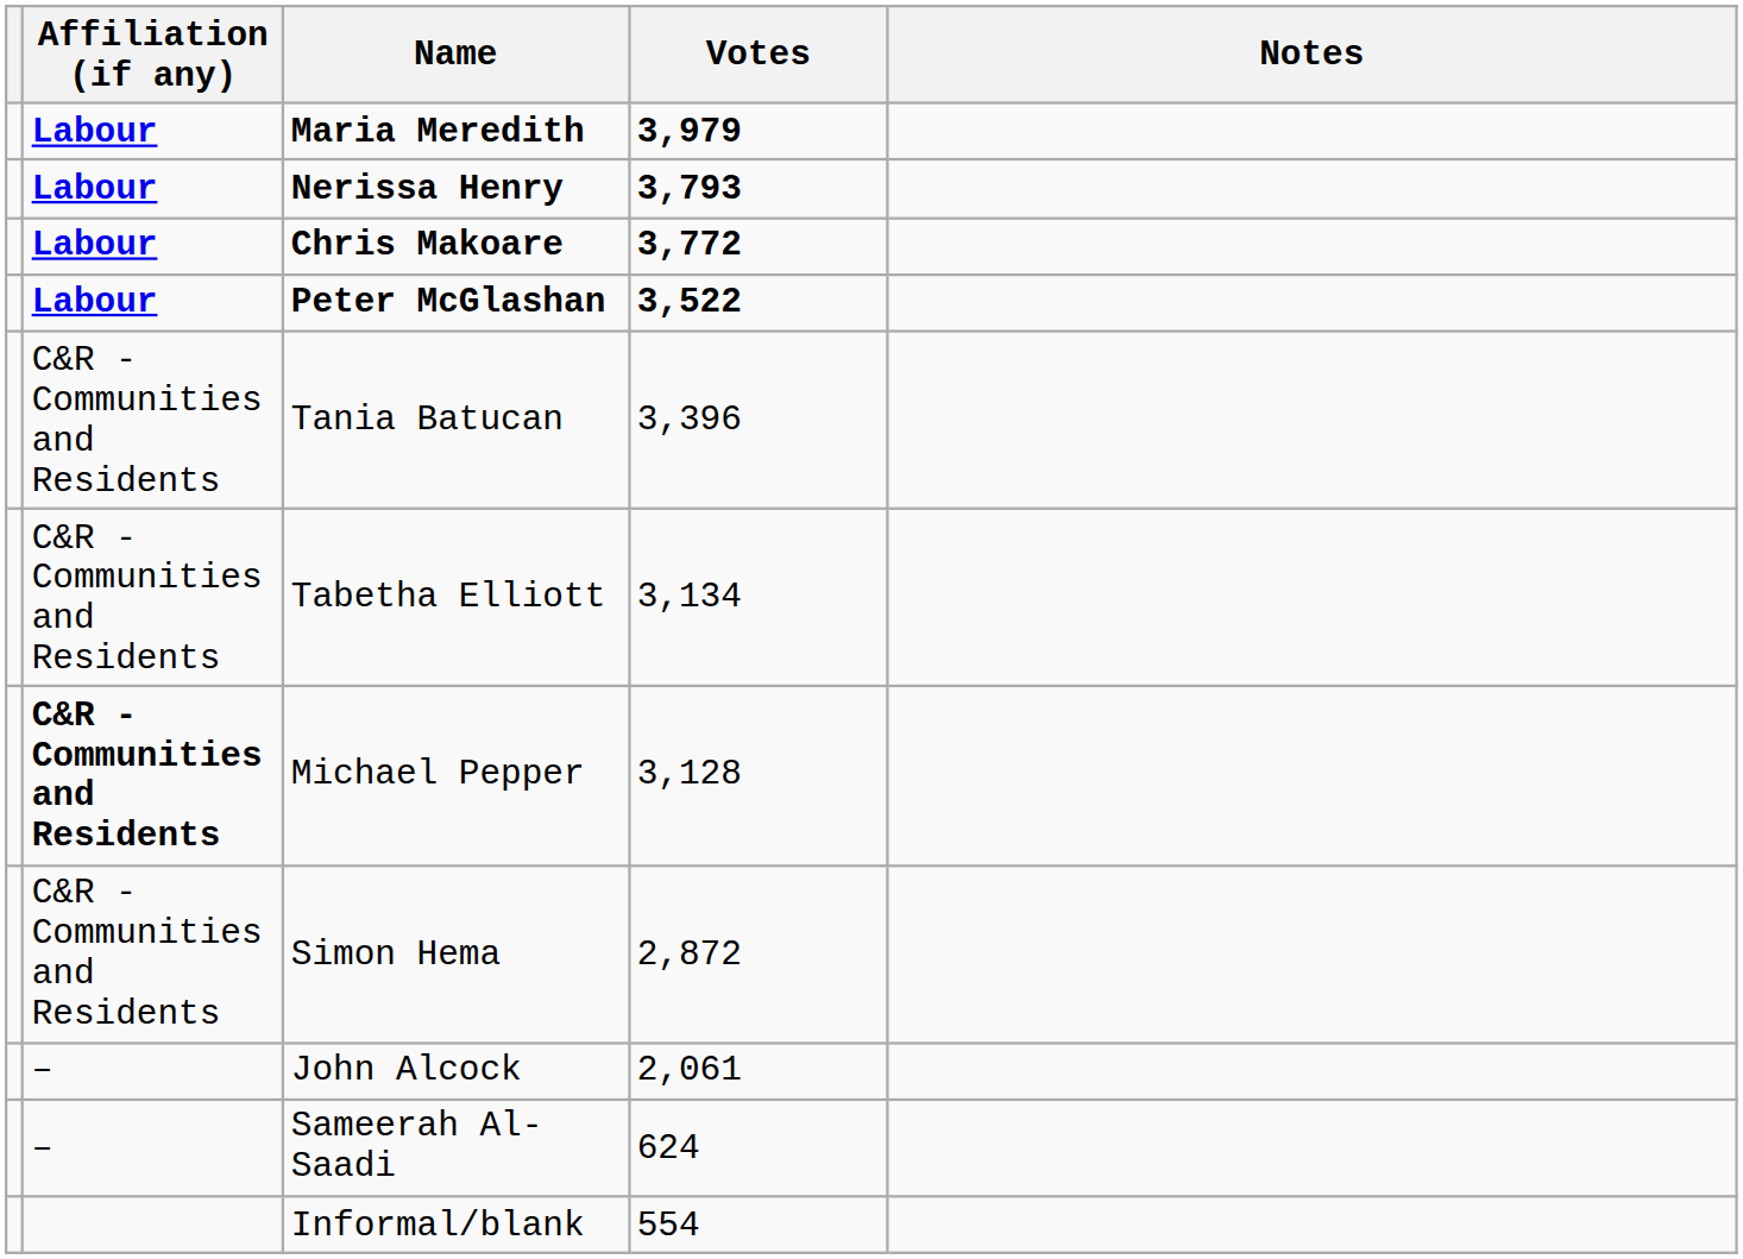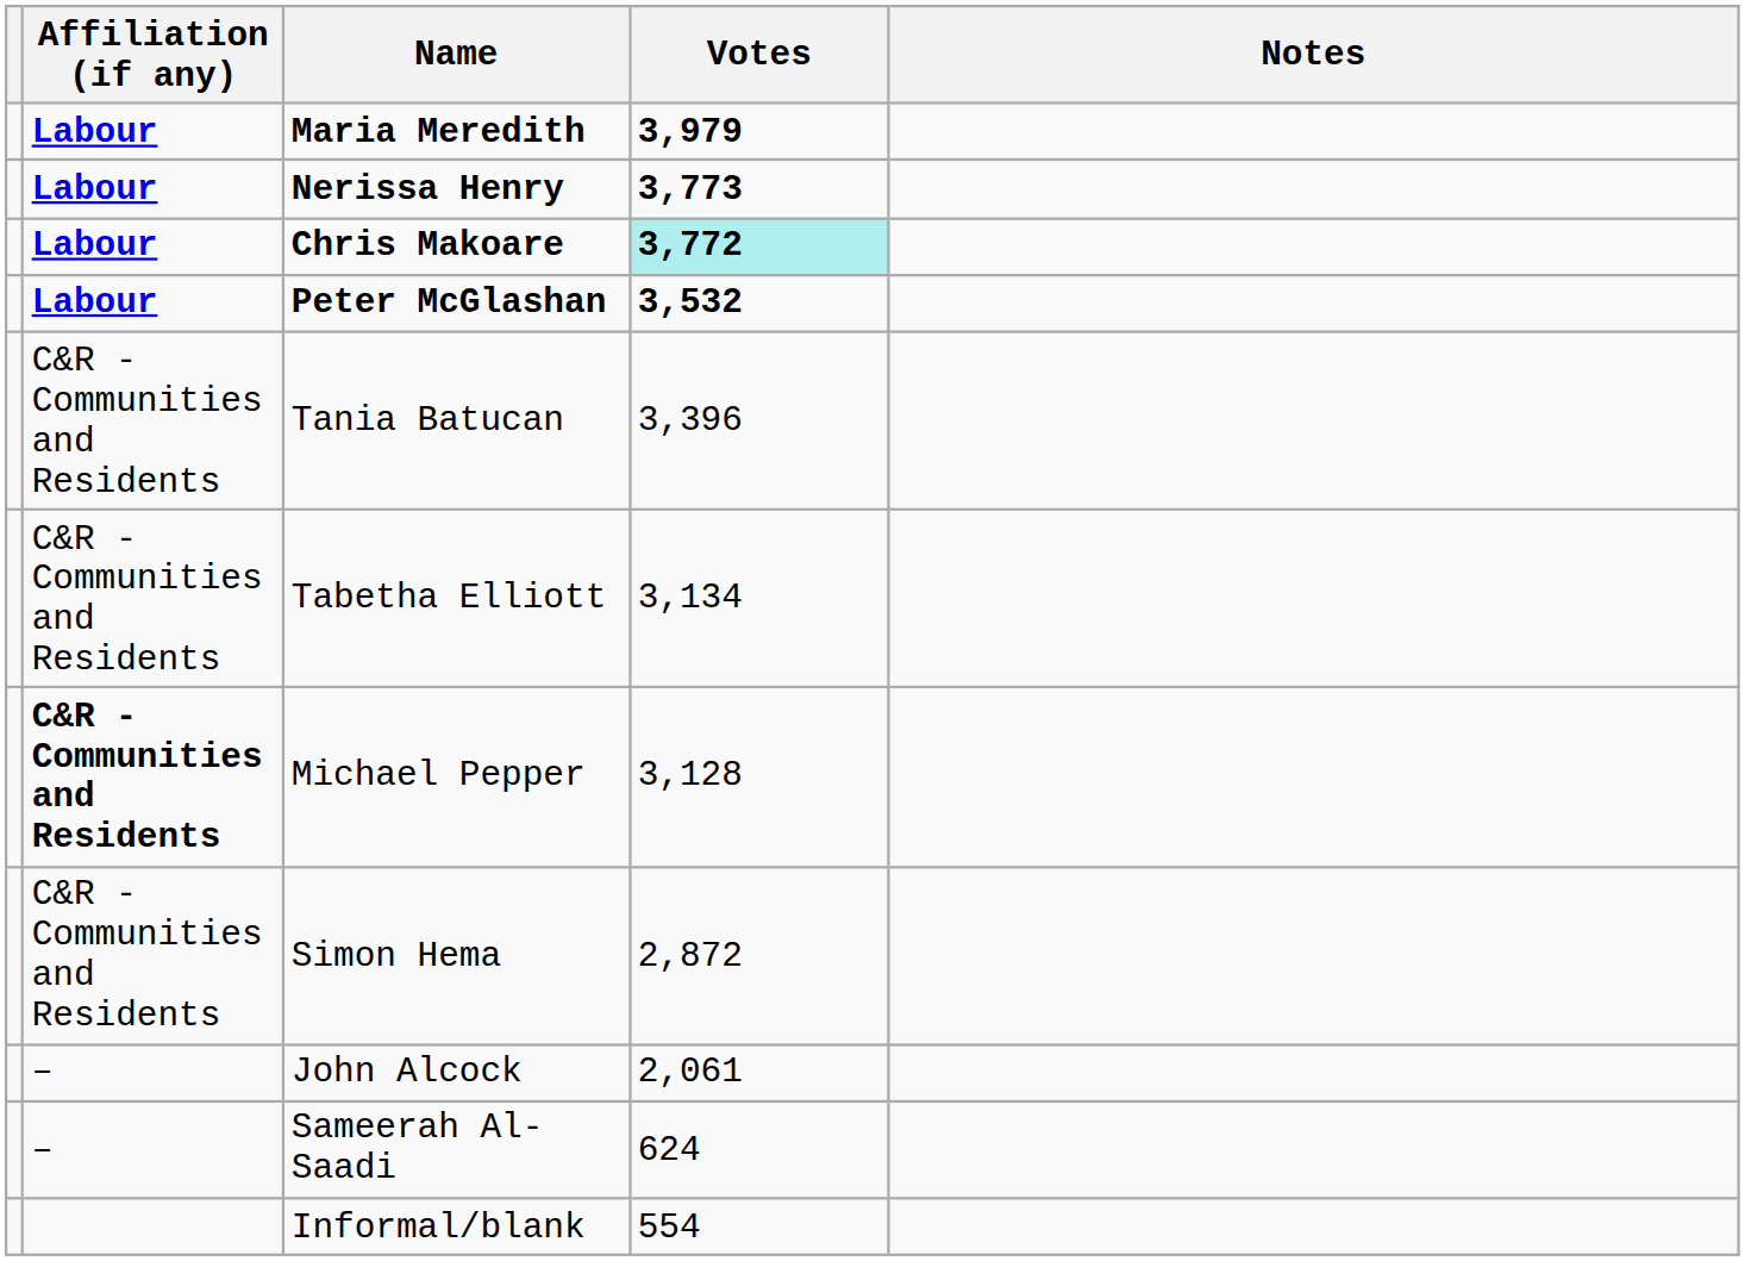 <table class="wikitable" style="width:51%;">
 <tr>
 <th style="width:1%;"></th>
 <th style="width:15%;">Affiliation (if any)</th>
 <th style="width:20%;">Name</th>
 <th style="width:15%;">Votes</th>
 <th>Notes</th>
 </tr>
 <tr>
 <td bgcolor=></td>
 <td><strong><a href='#'>Labour</a> </strong></td>
 <td><strong>Maria Meredith</strong></td>
 <td><strong>3,979</strong></td>
 <td></td>
 </tr>
 <tr>
 <td></td>
 <td><strong><a href='#'>Labour</a> </strong></td>
 <td><strong>Nerissa Henry</strong></td>
-<td><strong>3,793</strong></td>
+<td><strong>3,773</strong></td>
 <td></td>
 </tr>
 <tr>
 <td></td>
 <td><strong><a href='#'>Labour</a> </strong></td>
 <td><strong>Chris Makoare</strong></td>
-<td><strong>3,772</strong></td>
+<td style="background: paleturquoise;"><strong>3,772</strong></td>
 <td></td>
 </tr>
 <tr>
 <td bgcolor=></td>
 <td><strong><a href='#'>Labour</a> </strong></td>
 <td><strong>Peter McGlashan</strong></td>
-<td><strong>3,522</strong></td>
+<td><strong>3,532</strong></td>
 <td></td>
 </tr>
 <tr>
 <td bgcolor=></td>
 <td>C&R - Communities and Residents</td>
 <td>Tania Batucan</td>
 <td>3,396</td>
 <td></td>
 </tr>
 <tr>
 <td></td>
 <td>C&R - Communities and Residents</td>
 <td>Tabetha Elliott</td>
 <td>3,134</td>
 <td></td>
 </tr>
 <tr>
 <td></td>
 <td><strong>C&R - Communities and Residents</strong></td>
 <td>Michael Pepper</td>
 <td>3,128</td>
 <td></td>
 </tr>
 <tr>
 <td bgcolor=></td>
 <td>C&R - Communities and Residents</td>
 <td>Simon Hema</td>
 <td>2,872</td>
 <td></td>
 </tr>
 <tr>
 <td bgcolor=></td>
 <td>–</td>
 <td>John Alcock</td>
 <td>2,061</td>
 <td></td>
 </tr>
 <tr>
 <td bgcolor=></td>
 <td>–</td>
 <td>Sameerah Al-Saadi</td>
 <td>624</td>
 <td></td>
 </tr>
 <tr>
 <td></td>
 <td></td>
 <td>Informal/blank</td>
 <td>554</td>
 <td></td>
 </tr>
 </table>
